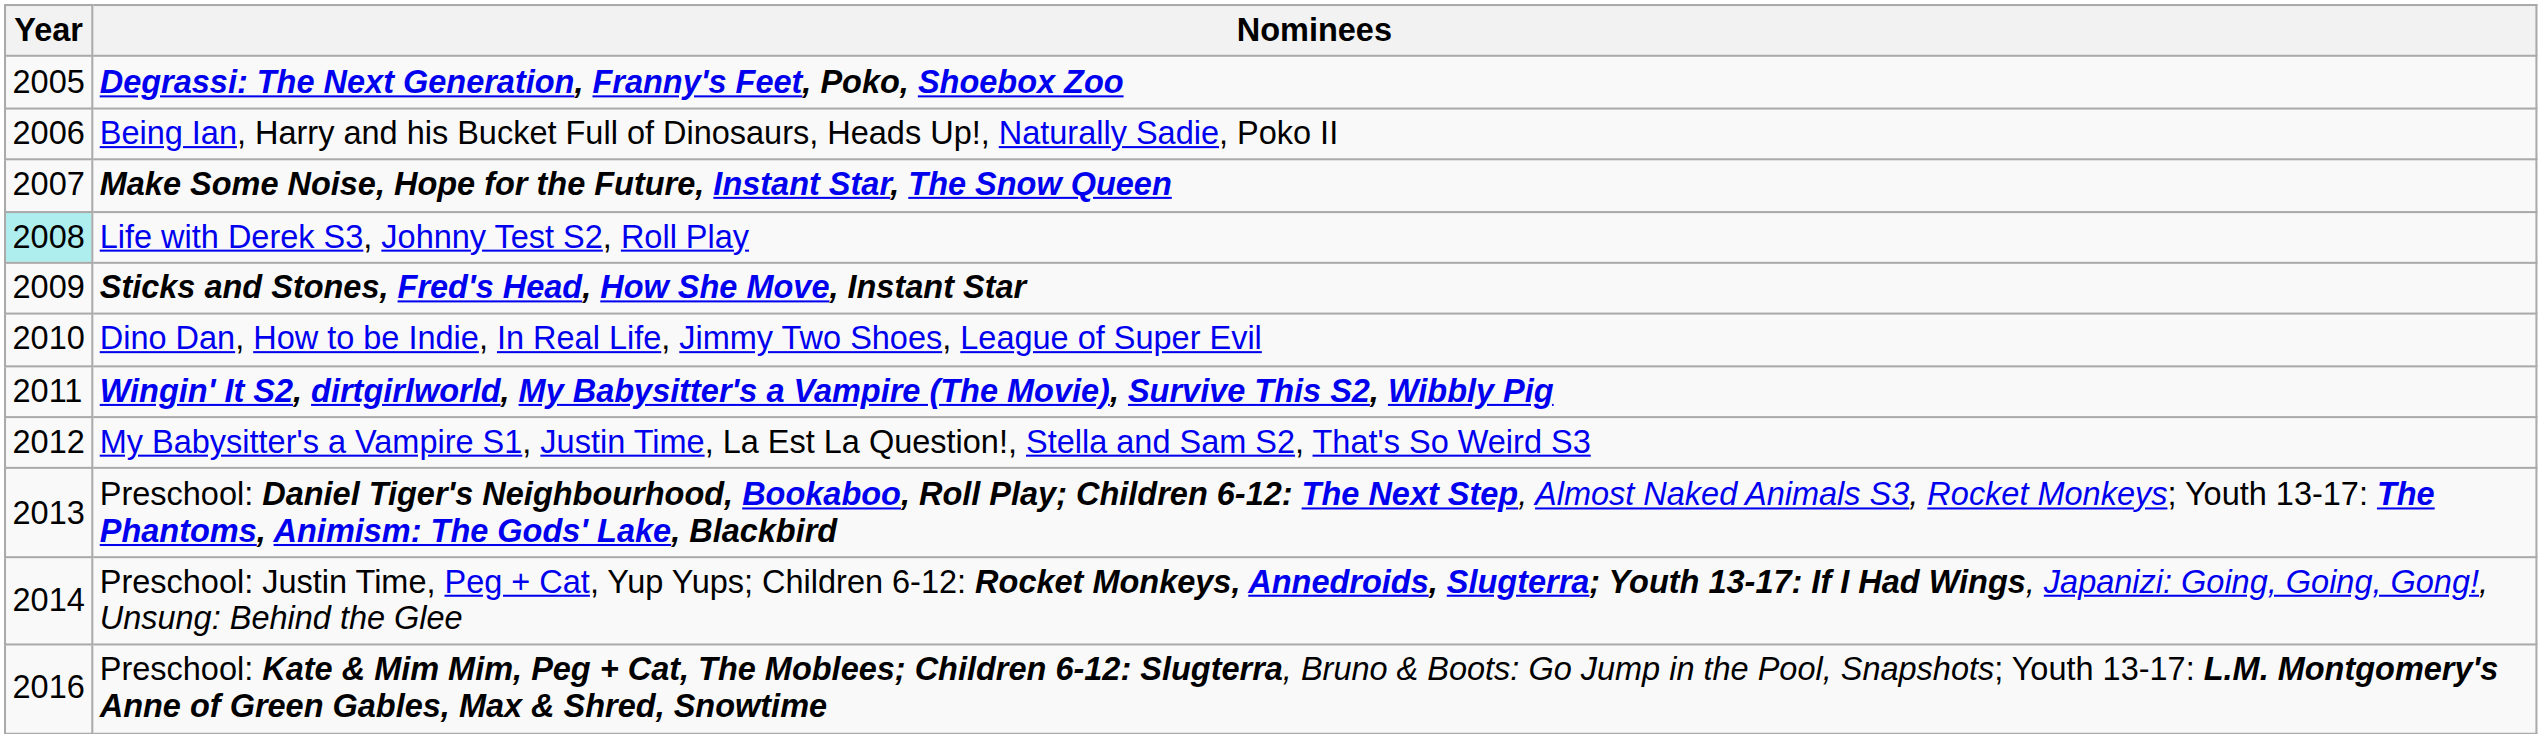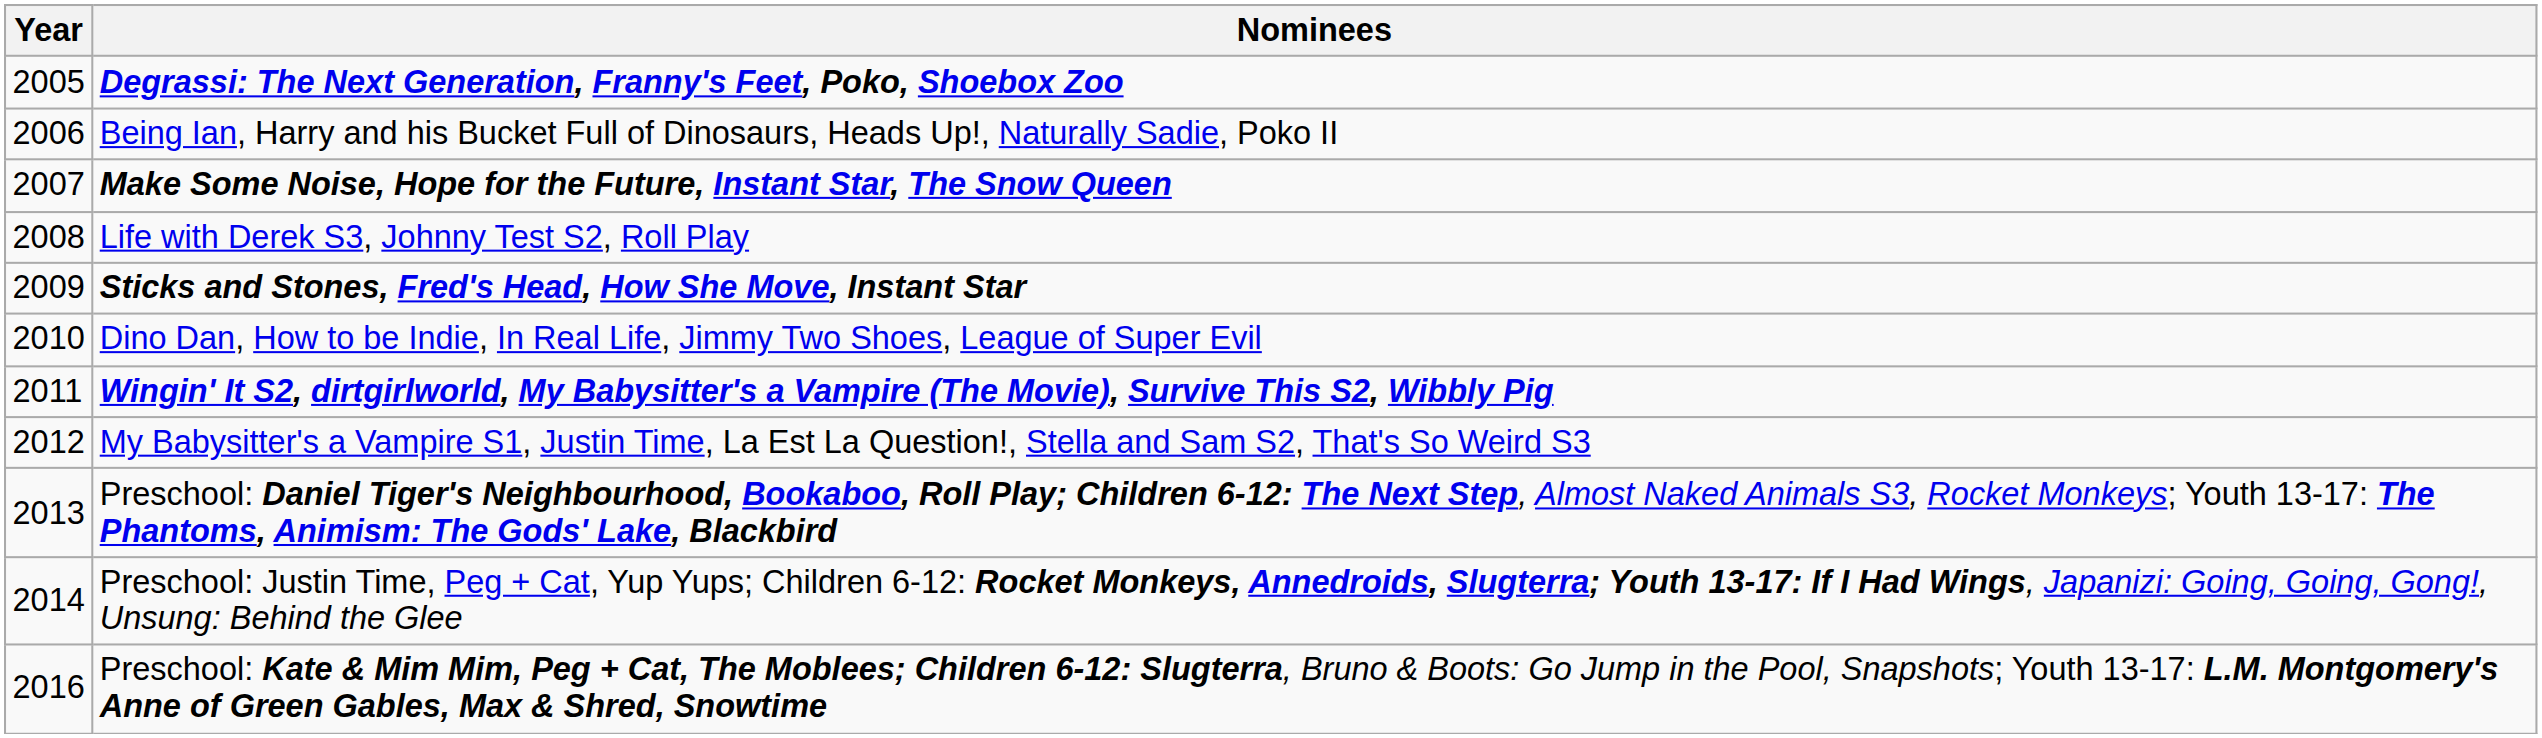 <table class="wikitable">
 <tr>
 <th>Year</th>
 <th>Nominees</th>
 </tr>
 <tr>
 <td>2005</td>
 <td><strong><em><a href='#'>Degrassi: The Next Generation</a><strong>, <a href='#'>Franny's Feet</a>, Poko, <a href='#'>Shoebox Zoo</a><em></td>
 </tr>
 <tr>
 <td>2006</td>
 <td></em></strong><a href='#'>Being Ian</a></strong>, Harry and his Bucket Full of Dinosaurs, Heads Up!, <a href='#'>Naturally Sadie</a>, Poko II</em></td>
 </tr>
 <tr>
 <td>2007</td>
 <td><strong><em>Make Some Noise<strong>, Hope for the Future, <a href='#'>Instant Star</a>, <a href='#'>The Snow Queen</a><em></td>
 </tr>
 <tr>
-<td style="background: paleturquoise;">2008</td>
+<td>2008</td>
 <td></em></strong><a href='#'>Life with Derek S3</a></strong>, <a href='#'>Johnny Test S2</a>, <a href='#'>Roll Play</a></em></td>
 </tr>
 <tr>
 <td>2009</td>
 <td><strong><em>Sticks and Stones<strong>, <a href='#'>Fred's Head</a>, <a href='#'>How She Move</a>, Instant Star<em></td>
 </tr>
 <tr>
 <td>2010</td>
 <td></em></strong><a href='#'>Dino Dan</a></strong>, <a href='#'>How to be Indie</a>, <a href='#'>In Real Life</a>, <a href='#'>Jimmy Two Shoes</a>, <a href='#'>League of Super Evil</a></em></td>
 </tr>
 <tr>
 <td>2011</td>
 <td><strong><em><a href='#'>Wingin' It S2</a><strong>, <a href='#'>dirtgirlworld</a>, <a href='#'>My Babysitter's a Vampire (The Movie)</a>, <a href='#'>Survive This S2</a>, <a href='#'>Wibbly Pig</a><em></td>
 </tr>
 <tr>
 <td>2012</td>
 <td></em></strong><a href='#'>My Babysitter's a Vampire S1</a></strong>, <a href='#'>Justin Time</a>, La Est La Question!, <a href='#'>Stella and Sam S2</a>, <a href='#'>That's So Weird S3</a></em></td>
 </tr>
 <tr>
 <td>2013</td>
 <td>Preschool: <strong><em>Daniel Tiger's Neighbourhood<strong>, <a href='#'>Bookaboo</a>, Roll Play<em>; Children 6-12: </em></strong><a href='#'>The Next Step</a></strong>, <a href='#'>Almost Naked Animals S3</a>, <a href='#'>Rocket Monkeys</a></em>; Youth 13-17: <strong><em><a href='#'>The Phantoms</a><strong>, <a href='#'>Animism: The Gods' Lake</a>, Blackbird<em></td>
 </tr>
 <tr>
 <td>2014</td>
 <td>Preschool: </em></strong>Justin Time</strong>, <a href='#'>Peg + Cat</a>, Yup Yups</em>; Children 6-12: <strong><em>Rocket Monkeys<strong>, <a href='#'>Annedroids</a>, <a href='#'>Slugterra</a><em>; Youth 13-17: </em></strong>If I Had Wings</strong>, <a href='#'>Japanizi: Going, Going, Gong!</a>, Unsung: Behind the Glee</em></td>
 </tr>
 <tr>
 <td>2016</td>
 <td>Preschool: <strong><em>Kate & Mim Mim<strong>, Peg + Cat, The Moblees<em>; Children 6-12: </em></strong>Slugterra</strong>, Bruno & Boots: Go Jump in the Pool, Snapshots</em>; Youth 13-17: <strong><em>L.M. Montgomery's Anne of Green Gables<strong>, Max & Shred, Snowtime<em></td>
 </tr>
 </table>
